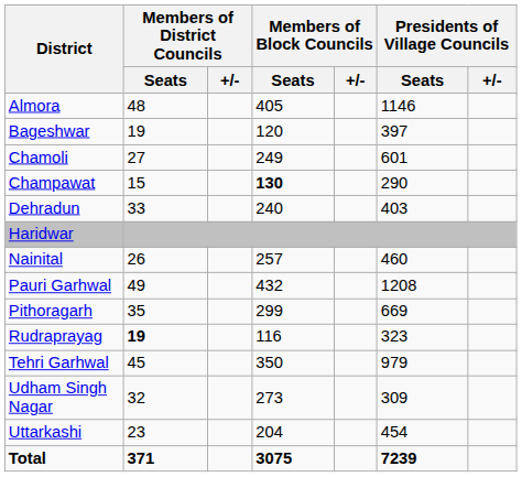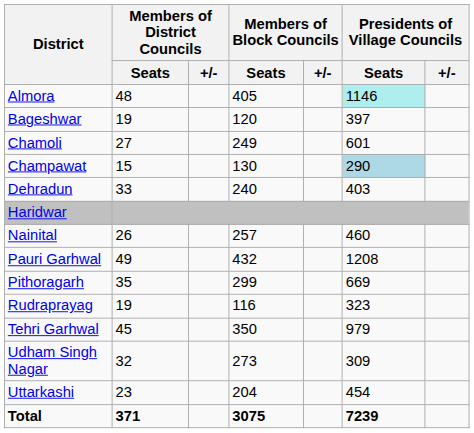 <table width="40%" cellpadding="2" cellspacing="0" border="1" style="border-collapse: collapse; border: 2px black; font-size: x-big; font-family: arial" class="wikitable sortable">
 <tr>
 <th rowspan=2>District</th>
 <th colspan=2>Members of District Councils</th>
 <th colspan=2>Members of Block Councils</th>
 <th colspan=2>Presidents of Village Councils</th>
 </tr>
 <tr>
 <th>Seats</th>
 <th>+/-</th>
 <th>Seats</th>
 <th>+/-</th>
 <th>Seats</th>
 <th>+/-</th>
 </tr>
 <tr>
 <td><a href='#'>Almora</a></td>
 <td>48</td>
 <td></td>
 <td>405</td>
 <td></td>
-<td>1146</td>
+<td style="background: paleturquoise;">1146</td>
 <td></td>
 </tr>
 <tr>
 <td><a href='#'>Bageshwar</a></td>
 <td>19</td>
 <td></td>
 <td>120</td>
 <td></td>
 <td>397</td>
 <td></td>
 </tr>
 <tr>
 <td><a href='#'>Chamoli</a></td>
 <td>27</td>
 <td></td>
 <td>249</td>
 <td></td>
 <td>601</td>
 <td></td>
 </tr>
 <tr>
 <td><a href='#'>Champawat</a></td>
 <td>15</td>
 <td></td>
-<td><strong>130</strong></td>
+<td>130</td>
 <td></td>
-<td>290</td>
+<td style="background: lightblue;">290</td>
 <td></td>
 </tr>
 <tr>
 <td><a href='#'>Dehradun</a></td>
 <td>33</td>
 <td></td>
 <td>240</td>
 <td></td>
 <td>403</td>
 <td></td>
 </tr>
 <tr>
 <td style="background-color:Silver"><a href='#'>Haridwar</a></td>
 <td style="background-color:Silver"; colspan=6></td>
 </tr>
 <tr>
 <td><a href='#'>Nainital</a></td>
 <td>26</td>
 <td></td>
 <td>257</td>
 <td></td>
 <td>460</td>
 <td></td>
 </tr>
 <tr>
 <td><a href='#'>Pauri Garhwal</a></td>
 <td>49</td>
 <td></td>
 <td>432</td>
 <td></td>
 <td>1208</td>
 <td></td>
 </tr>
 <tr>
 <td><a href='#'>Pithoragarh</a></td>
 <td>35</td>
 <td></td>
 <td>299</td>
 <td></td>
 <td>669</td>
 <td></td>
 </tr>
 <tr>
 <td><a href='#'>Rudraprayag</a></td>
-<td><strong>19</strong></td>
+<td>19</td>
 <td></td>
 <td>116</td>
 <td></td>
 <td>323</td>
 <td></td>
 </tr>
 <tr>
 <td><a href='#'>Tehri Garhwal</a></td>
 <td>45</td>
 <td></td>
 <td>350</td>
 <td></td>
 <td>979</td>
 <td></td>
 </tr>
 <tr>
 <td><a href='#'>Udham Singh Nagar</a></td>
 <td>32</td>
 <td></td>
 <td>273</td>
 <td></td>
 <td>309</td>
 <td></td>
 </tr>
 <tr>
 <td><a href='#'>Uttarkashi</a></td>
 <td>23</td>
 <td></td>
 <td>204</td>
 <td></td>
 <td>454</td>
 <td></td>
 </tr>
 <tr>
 <td><strong>Total</strong></td>
 <td><strong>371</strong></td>
 <td></td>
 <td><strong>3075</strong></td>
 <td></td>
 <td><strong>7239</strong></td>
 <td></td>
 </tr>
 </table>
